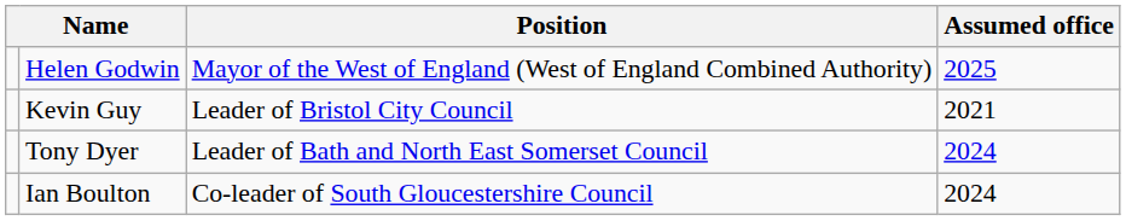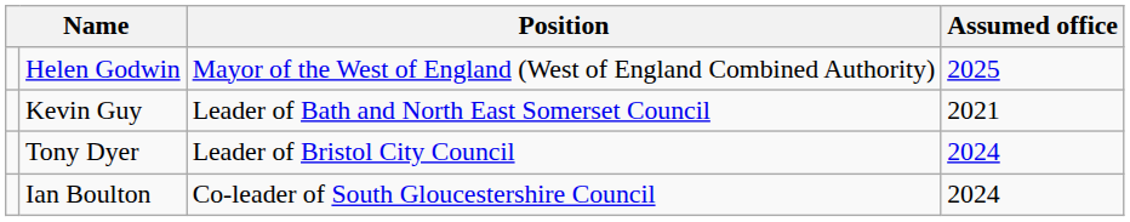 <table class="wikitable sortable">
 <tr>
 <th colspan=2>Name</th>
 <th>Position</th>
 <th>Assumed office</th>
 </tr>
 <tr>
 <td width=1px style="background-color: "></td>
 <td><a href='#'>Helen Godwin</a></td>
 <td><a href='#'>Mayor of the West of England</a> (West of England Combined Authority)</td>
 <td><a href='#'>2025</a></td>
 </tr>
 <tr>
 <td width=1px style="background-color: "></td>
 <td>Kevin Guy</td>
-<td>Leader of <a href='#'>Bristol City Council</a></td>
+<td>Leader of <a href='#'>Bath and North East Somerset Council</a></td>
 <td>2021</td>
 </tr>
 <tr>
 <td width=1px style="background-color: "></td>
 <td>Tony Dyer</td>
-<td>Leader of <a href='#'>Bath and North East Somerset Council</a></td>
+<td>Leader of <a href='#'>Bristol City Council</a></td>
 <td><a href='#'>2024</a></td>
 </tr>
 <tr>
 <td width=1px style="background-color: "></td>
 <td>Ian Boulton</td>
 <td>Co-leader of <a href='#'>South Gloucestershire Council</a></td>
 <td>2024</td>
 </tr>
 </table>
